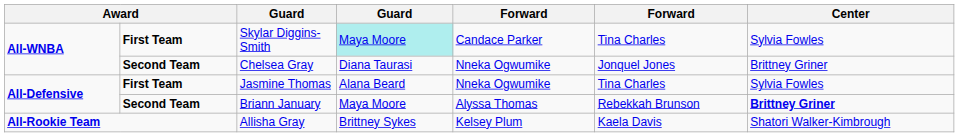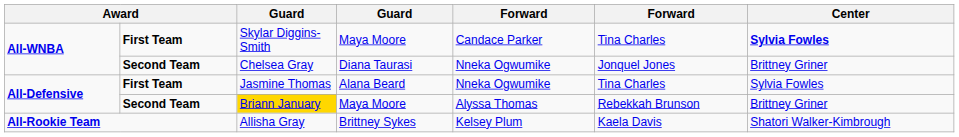 <table class="wikitable" style="width: 80%">
 <tr>
 <th colspan="2">Award</th>
 <th width=125>Guard</th>
 <th>Guard</th>
 <th>Forward</th>
 <th>Forward</th>
 <th>Center</th>
 </tr>
 <tr>
 <td rowspan="2"><strong><a href='#'>All-WNBA</a></strong></td>
 <td><strong>First Team</strong></td>
 <td><a href='#'>Skylar Diggins-Smith</a></td>
-<td style="background: paleturquoise;"><a href='#'>Maya Moore</a></td>
+<td><a href='#'>Maya Moore</a></td>
 <td><a href='#'>Candace Parker</a></td>
 <td><a href='#'>Tina Charles</a></td>
-<td><a href='#'>Sylvia Fowles</a></td>
+<td><strong><a href='#'>Sylvia Fowles</a></strong></td>
 </tr>
 <tr>
 <td><strong>Second Team</strong></td>
 <td><a href='#'>Chelsea Gray</a></td>
 <td><a href='#'>Diana Taurasi</a></td>
 <td><a href='#'>Nneka Ogwumike</a></td>
 <td><a href='#'>Jonquel Jones</a></td>
 <td><a href='#'>Brittney Griner</a></td>
 </tr>
 <tr>
 <td rowspan="2"><strong><a href='#'>All-Defensive</a></strong></td>
 <td><strong>First Team</strong></td>
 <td><a href='#'>Jasmine Thomas</a></td>
 <td><a href='#'>Alana Beard</a></td>
 <td><a href='#'>Nneka Ogwumike</a></td>
 <td><a href='#'>Tina Charles</a></td>
 <td><a href='#'>Sylvia Fowles</a></td>
 </tr>
 <tr>
 <td><strong>Second Team</strong></td>
-<td><a href='#'>Briann January</a></td>
+<td style="background: gold;"><a href='#'>Briann January</a></td>
 <td><a href='#'>Maya Moore</a></td>
 <td><a href='#'>Alyssa Thomas</a></td>
 <td><a href='#'>Rebekkah Brunson</a></td>
-<td><strong><a href='#'>Brittney Griner</a></strong></td>
+<td><a href='#'>Brittney Griner</a></td>
 </tr>
 <tr>
 <td colspan="2"><strong><a href='#'>All-Rookie Team</a></strong></td>
 <td><a href='#'>Allisha Gray</a></td>
 <td><a href='#'>Brittney Sykes</a></td>
 <td><a href='#'>Kelsey Plum</a></td>
 <td><a href='#'>Kaela Davis</a></td>
 <td><a href='#'>Shatori Walker-Kimbrough</a></td>
 </tr>
 </table>
